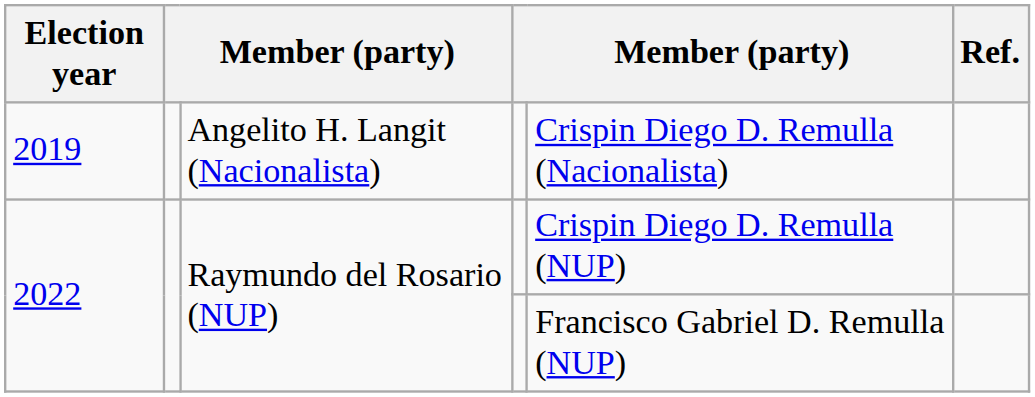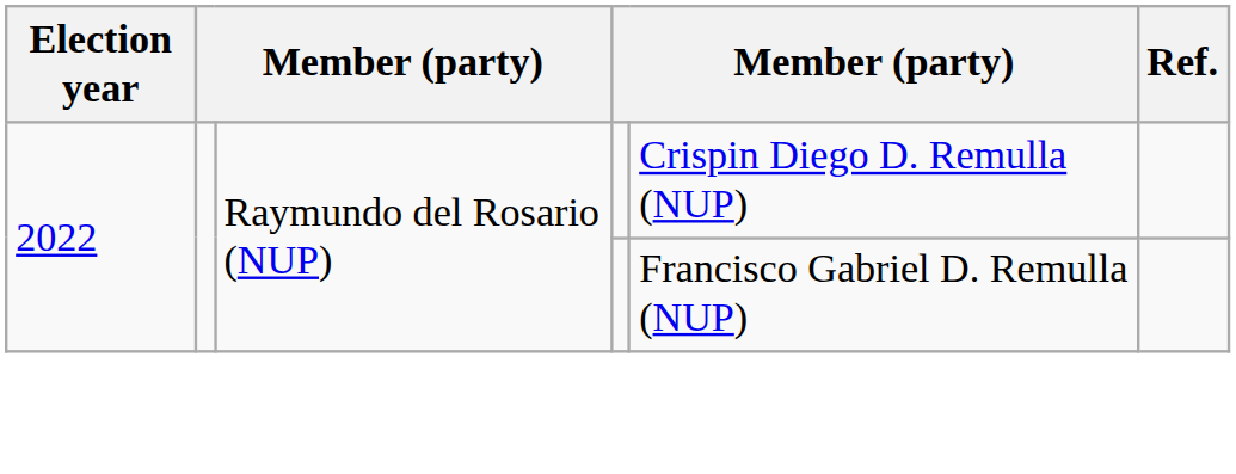 <table class="wikitable" style="font-size:90%">
 <tr>
 <th width="60px">Election<br>year</th>
 <th colspan="2" width="140px">Member (party)</th>
 <th colspan="2" width="140px">Member (party)</th>
 <th>Ref.</th>
-</tr>
-<tr>
-<td><a href='#'>2019</a></td>
-<td></td>
-<td>Angelito H. Langit<br>(<a href='#'>Nacionalista</a>)</td>
-<td></td>
-<td><a href='#'>Crispin Diego D. Remulla</a><br>(<a href='#'>Nacionalista</a>)</td>
-<td></td>
 </tr>
 <tr>
 <td rowspan=2><a href='#'>2022</a></td>
 <td rowspan=2></td>
 <td rowspan=2>Raymundo del Rosario<br>(<a href='#'>NUP</a>)</td>
 <td></td>
 <td><a href='#'>Crispin Diego D. Remulla</a><br>(<a href='#'>NUP</a>)</td>
 <td></td>
 </tr>
 <tr>
 <td></td>
 <td>Francisco Gabriel D. Remulla<br>(<a href='#'>NUP</a>)</td>
 <td></td>
 </tr>
 </table>
